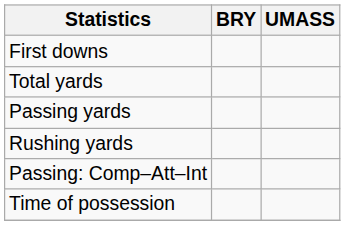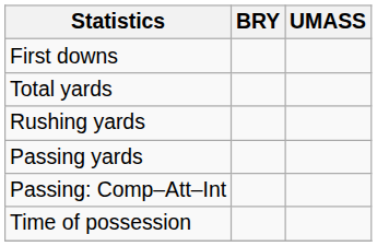 <table class="wikitable" style="float: left;">
 <tr>
 <th>Statistics</th>
 <th>BRY</th>
 <th>UMASS</th>
 </tr>
 <tr>
 <td>First downs</td>
 <td></td>
 <td></td>
 </tr>
 <tr>
 <td>Total yards</td>
 <td></td>
 <td></td>
 </tr>
 <tr>
-<td>Passing yards</td>
+<td>Rushing yards</td>
 <td></td>
 <td></td>
 </tr>
 <tr>
-<td>Rushing yards</td>
+<td>Passing yards</td>
 <td></td>
 <td></td>
 </tr>
 <tr>
 <td>Passing: Comp–Att–Int</td>
 <td></td>
 <td></td>
 </tr>
 <tr>
 <td>Time of possession</td>
 <td></td>
 <td></td>
 </tr>
 <tr>
 </tr>
 </table>
